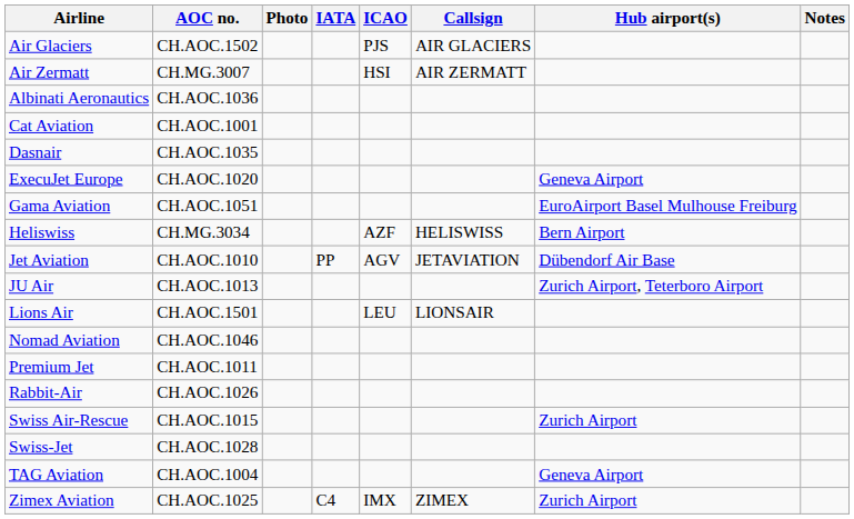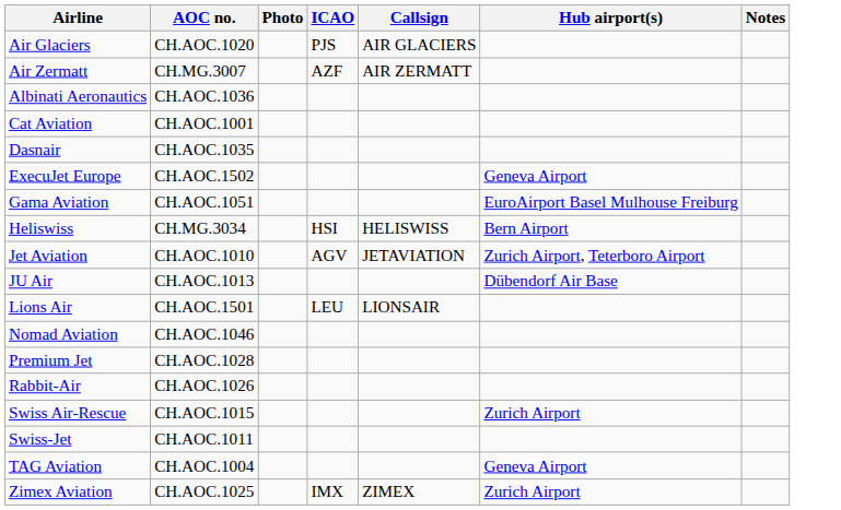 <table class="wikitable sortable" style="border: 0; cellpadding: 2; cellspacing: 3;">
 <tr valign="middle">
 <th>Airline</th>
 <th><a href='#'>AOC</a> no.</th>
 <th>Photo</th>
-<th><a href='#'>IATA</a></th>
 <th><a href='#'>ICAO</a></th>
 <th><a href='#'>Callsign</a></th>
 <th><a href='#'>Hub</a> airport(s)</th>
 <th class="unsortable">Notes</th>
 </tr>
 <tr>
 <td><a href='#'>Air Glaciers</a></td>
-<td>CH.AOC.1502</td>
+<td>CH.AOC.1020</td>
 <td></td>
-<td> </td>
 <td>PJS</td>
 <td>AIR GLACIERS</td>
 <td> </td>
 <td> </td>
 </tr>
 <tr>
 <td><a href='#'>Air Zermatt</a></td>
 <td>CH.MG.3007</td>
 <td></td>
-<td> </td>
-<td>HSI</td>
+<td>AZF</td>
 <td>AIR ZERMATT</td>
 <td> </td>
 <td> </td>
 </tr>
 <tr>
 <td><a href='#'>Albinati Aeronautics</a></td>
 <td>CH.AOC.1036</td>
 <td></td>
-<td> </td>
 <td> </td>
 <td> </td>
 <td> </td>
 <td> </td>
 </tr>
 <tr>
 <td><a href='#'>Cat Aviation</a></td>
 <td>CH.AOC.1001</td>
 <td></td>
 <td> </td>
 <td> </td>
 <td> </td>
 <td> </td>
-<td> </td>
 </tr>
 <tr>
 <td><a href='#'>Dasnair</a></td>
 <td>CH.AOC.1035</td>
 <td></td>
 <td> </td>
 <td> </td>
 <td> </td>
 <td> </td>
-<td> </td>
 </tr>
 <tr>
 <td><a href='#'>ExecuJet Europe</a></td>
-<td>CH.AOC.1020</td>
+<td>CH.AOC.1502</td>
 <td></td>
-<td> </td>
 <td> </td>
 <td> </td>
 <td><a href='#'>Geneva Airport</a></td>
 <td> </td>
 </tr>
 <tr>
 <td><a href='#'>Gama Aviation</a></td>
 <td>CH.AOC.1051</td>
 <td></td>
 <td> </td>
 <td> </td>
-<td> </td>
 <td><a href='#'>EuroAirport Basel Mulhouse Freiburg</a></td>
 <td> </td>
 </tr>
 <tr>
 <td><a href='#'>Heliswiss</a></td>
 <td>CH.MG.3034</td>
 <td></td>
-<td> </td>
-<td>AZF</td>
+<td>HSI</td>
 <td>HELISWISS</td>
 <td><a href='#'>Bern Airport</a></td>
 <td> </td>
 </tr>
 <tr>
 <td><a href='#'>Jet Aviation</a></td>
 <td>CH.AOC.1010</td>
 <td></td>
-<td>PP</td>
 <td>AGV</td>
 <td>JETAVIATION</td>
-<td><a href='#'>Dübendorf Air Base</a></td>
+<td><a href='#'>Zurich Airport</a>, <a href='#'>Teterboro Airport</a></td>
 <td> </td>
 </tr>
 <tr>
 <td><a href='#'>JU Air</a></td>
 <td>CH.AOC.1013</td>
 <td></td>
 <td> </td>
 <td> </td>
-<td> </td>
-<td><a href='#'>Zurich Airport</a>, <a href='#'>Teterboro Airport</a></td>
+<td><a href='#'>Dübendorf Air Base</a></td>
 <td> </td>
 </tr>
 <tr>
 <td><a href='#'>Lions Air</a></td>
 <td>CH.AOC.1501</td>
 <td></td>
-<td> </td>
 <td>LEU</td>
 <td>LIONSAIR</td>
 <td> </td>
 <td> </td>
 </tr>
 <tr>
 <td><a href='#'>Nomad Aviation</a></td>
 <td>CH.AOC.1046</td>
 <td></td>
 <td> </td>
 <td> </td>
 <td> </td>
 <td> </td>
-<td> </td>
 </tr>
 <tr>
 <td><a href='#'>Premium Jet</a></td>
-<td>CH.AOC.1011</td>
+<td>CH.AOC.1028</td>
 <td></td>
-<td> </td>
 <td> </td>
 <td> </td>
 <td> </td>
 <td> </td>
 </tr>
 <tr>
 <td><a href='#'>Rabbit-Air</a></td>
 <td>CH.AOC.1026</td>
 <td></td>
 <td> </td>
 <td> </td>
 <td> </td>
 <td> </td>
-<td> </td>
 </tr>
 <tr>
 <td><a href='#'>Swiss Air-Rescue</a></td>
 <td>CH.AOC.1015</td>
 <td></td>
 <td> </td>
 <td> </td>
-<td> </td>
 <td><a href='#'>Zurich Airport</a></td>
 <td> </td>
 </tr>
 <tr>
 <td><a href='#'>Swiss-Jet</a></td>
-<td>CH.AOC.1028</td>
+<td>CH.AOC.1011</td>
 <td></td>
-<td> </td>
 <td> </td>
 <td> </td>
 <td> </td>
 <td> </td>
 </tr>
 <tr>
 <td><a href='#'>TAG Aviation</a></td>
 <td>CH.AOC.1004</td>
 <td></td>
 <td> </td>
 <td> </td>
-<td> </td>
 <td><a href='#'>Geneva Airport</a></td>
 <td> </td>
 </tr>
 <tr>
 <td><a href='#'>Zimex Aviation</a></td>
 <td>CH.AOC.1025</td>
 <td></td>
-<td>C4</td>
 <td>IMX</td>
 <td>ZIMEX</td>
 <td><a href='#'>Zurich Airport</a></td>
 <td> </td>
 </tr>
 </table>
